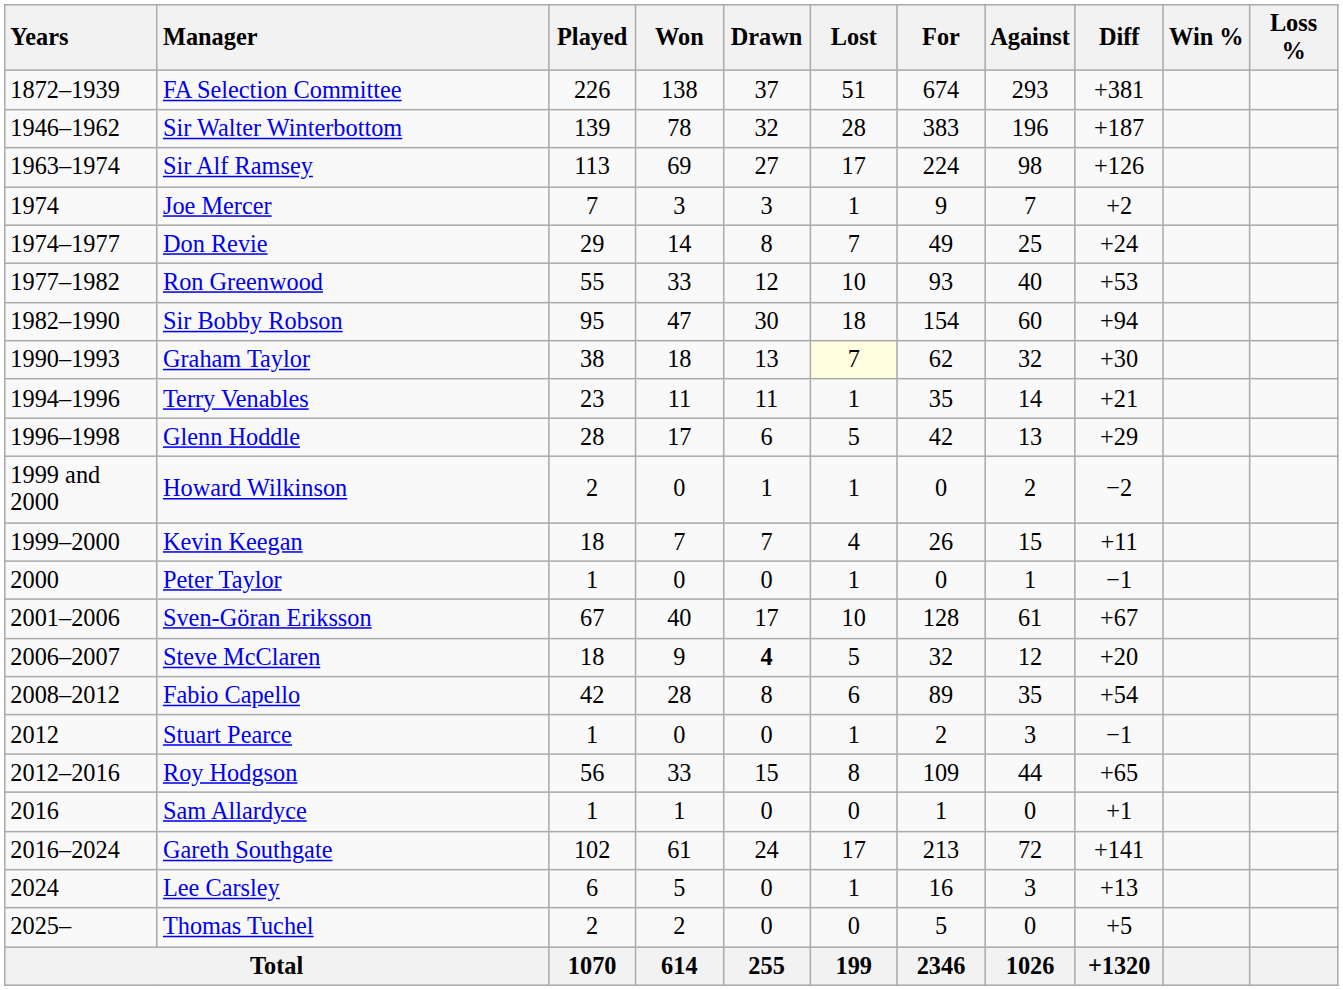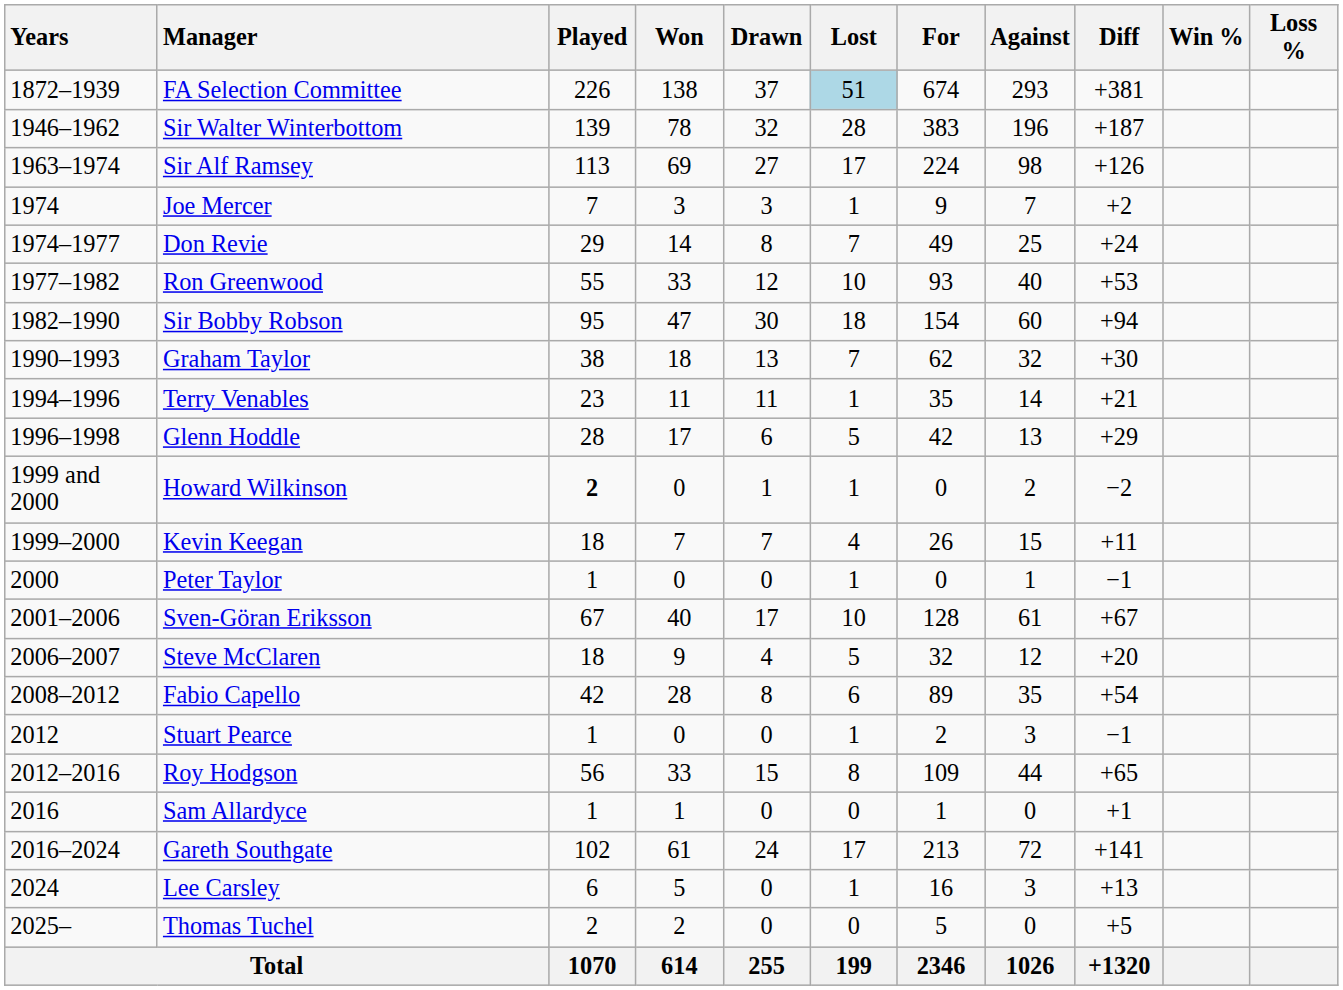 <table class="wikitable sortable" style="text-align:center;">
 <tr>
 <th style="width:93px; text-align:left;">Years</th>
 <th style="width:250px; text-align:left;">Manager</th>
 <th style="width:50px;">Played</th>
 <th style="width:50px;">Won</th>
 <th style="width:50px;">Drawn</th>
 <th style="width:50px;">Lost</th>
 <th style="width:50px;">For</th>
 <th style="width:50px;">Against</th>
 <th style="width:50px;">Diff</th>
 <th style="width:50px;">Win %</th>
 <th style="width:50px;">Loss %</th>
 </tr>
 <tr>
 <td style="text-align:left;">1872–1939</td>
 <td align="left"><a href='#'>FA Selection Committee</a></td>
 <td>226</td>
 <td>138</td>
 <td>37</td>
-<td>51</td>
+<td style="background: lightblue;">51</td>
 <td>674</td>
 <td>293</td>
 <td>+381</td>
 <td></td>
 <td></td>
 </tr>
 <tr>
 <td style="text-align:left;">1946–1962</td>
 <td align="left"><a href='#'>Sir Walter Winterbottom</a></td>
 <td>139</td>
 <td>78</td>
 <td>32</td>
 <td>28</td>
 <td>383</td>
 <td>196</td>
 <td>+187</td>
 <td></td>
 <td></td>
 </tr>
 <tr>
 <td style="text-align:left;">1963–1974</td>
 <td align="left"><a href='#'>Sir Alf Ramsey</a></td>
 <td>113</td>
 <td>69</td>
 <td>27</td>
 <td>17</td>
 <td>224</td>
 <td>98</td>
 <td>+126</td>
 <td></td>
 <td></td>
 </tr>
 <tr>
 <td style="text-align:left;">1974</td>
 <td align="left"><a href='#'>Joe Mercer</a></td>
 <td>7</td>
 <td>3</td>
 <td>3</td>
 <td>1</td>
 <td>9</td>
 <td>7</td>
 <td>+2</td>
 <td></td>
 <td></td>
 </tr>
 <tr>
 <td style="text-align:left;">1974–1977</td>
 <td align="left"><a href='#'>Don Revie</a></td>
 <td>29</td>
 <td>14</td>
 <td>8</td>
 <td>7</td>
 <td>49</td>
 <td>25</td>
 <td>+24</td>
 <td></td>
 <td></td>
 </tr>
 <tr>
 <td style="text-align:left;">1977–1982</td>
 <td align="left"><a href='#'>Ron Greenwood</a></td>
 <td>55</td>
 <td>33</td>
 <td>12</td>
 <td>10</td>
 <td>93</td>
 <td>40</td>
 <td>+53</td>
 <td></td>
 <td></td>
 </tr>
 <tr>
 <td style="text-align:left;">1982–1990</td>
 <td align="left"><a href='#'>Sir Bobby Robson</a></td>
 <td>95</td>
 <td>47</td>
 <td>30</td>
 <td>18</td>
 <td>154</td>
 <td>60</td>
 <td>+94</td>
 <td></td>
 <td></td>
 </tr>
 <tr>
 <td style="text-align:left;">1990–1993</td>
 <td align="left"><a href='#'>Graham Taylor</a></td>
 <td>38</td>
 <td>18</td>
 <td>13</td>
-<td style="background: lightyellow;">7</td>
+<td>7</td>
 <td>62</td>
 <td>32</td>
 <td>+30</td>
 <td></td>
 <td></td>
 </tr>
 <tr>
 <td style="text-align:left;">1994–1996</td>
 <td align="left"><a href='#'>Terry Venables</a></td>
 <td>23</td>
 <td>11</td>
 <td>11</td>
 <td>1</td>
 <td>35</td>
 <td>14</td>
 <td>+21</td>
 <td></td>
 <td></td>
 </tr>
 <tr>
 <td style="text-align:left;">1996–1998</td>
 <td align="left"><a href='#'>Glenn Hoddle</a></td>
 <td>28</td>
 <td>17</td>
 <td>6</td>
 <td>5</td>
 <td>42</td>
 <td>13</td>
 <td>+29</td>
 <td></td>
 <td></td>
 </tr>
 <tr>
 <td style="text-align:left;">1999 and 2000</td>
 <td align="left"><a href='#'>Howard Wilkinson</a></td>
-<td>2</td>
+<td><strong>2</strong></td>
 <td>0</td>
 <td>1</td>
 <td>1</td>
 <td>0</td>
 <td>2</td>
 <td>−2</td>
 <td></td>
 <td></td>
 </tr>
 <tr>
 <td style="text-align:left;">1999–2000</td>
 <td align="left"><a href='#'>Kevin Keegan</a></td>
 <td>18</td>
 <td>7</td>
 <td>7</td>
 <td>4</td>
 <td>26</td>
 <td>15</td>
 <td>+11</td>
 <td></td>
 <td></td>
 </tr>
 <tr>
 <td style="text-align:left;">2000</td>
 <td align="left"><a href='#'>Peter Taylor</a></td>
 <td>1</td>
 <td>0</td>
 <td>0</td>
 <td>1</td>
 <td>0</td>
 <td>1</td>
 <td>−1</td>
 <td></td>
 <td></td>
 </tr>
 <tr>
 <td style="text-align:left;">2001–2006</td>
 <td align="left"><a href='#'>Sven-Göran Eriksson</a></td>
 <td>67</td>
 <td>40</td>
 <td>17</td>
 <td>10</td>
 <td>128</td>
 <td>61</td>
 <td>+67</td>
 <td></td>
 <td></td>
 </tr>
 <tr>
 <td style="text-align:left;">2006–2007</td>
 <td align="left"><a href='#'>Steve McClaren</a></td>
 <td>18</td>
 <td>9</td>
-<td><strong>4</strong></td>
+<td>4</td>
 <td>5</td>
 <td>32</td>
 <td>12</td>
 <td>+20</td>
 <td></td>
 <td></td>
 </tr>
 <tr>
 <td style="text-align:left;">2008–2012</td>
 <td align="left"><a href='#'>Fabio Capello</a></td>
 <td>42</td>
 <td>28</td>
 <td>8</td>
 <td>6</td>
 <td>89</td>
 <td>35</td>
 <td>+54</td>
 <td></td>
 <td></td>
 </tr>
 <tr>
 <td style="text-align:left;">2012</td>
 <td align="left"><a href='#'>Stuart Pearce</a></td>
 <td>1</td>
 <td>0</td>
 <td>0</td>
 <td>1</td>
 <td>2</td>
 <td>3</td>
 <td>−1</td>
 <td></td>
 <td></td>
 </tr>
 <tr>
 <td style="text-align:left;">2012–2016</td>
 <td align="left"><a href='#'>Roy Hodgson</a></td>
 <td>56</td>
 <td>33</td>
 <td>15</td>
 <td>8</td>
 <td>109</td>
 <td>44</td>
 <td>+65</td>
 <td></td>
 <td></td>
 </tr>
 <tr>
 <td style="text-align:left;">2016</td>
 <td align="left"><a href='#'>Sam Allardyce</a></td>
 <td>1</td>
 <td>1</td>
 <td>0</td>
 <td>0</td>
 <td>1</td>
 <td>0</td>
 <td>+1</td>
 <td></td>
 <td></td>
 </tr>
 <tr>
 <td style="text-align:left;">2016–2024</td>
 <td align="left"><a href='#'>Gareth Southgate</a></td>
 <td>102</td>
 <td>61</td>
 <td>24</td>
 <td>17</td>
 <td>213</td>
 <td>72</td>
 <td>+141</td>
 <td></td>
 <td></td>
 </tr>
 <tr>
 <td style="text-align:left;">2024</td>
 <td align="left"><a href='#'>Lee Carsley</a></td>
 <td>6</td>
 <td>5</td>
 <td>0</td>
 <td>1</td>
 <td>16</td>
 <td>3</td>
 <td>+13</td>
 <td></td>
 <td></td>
 </tr>
 <tr>
 <td style="text-align:left;">2025–</td>
 <td align="left"><a href='#'>Thomas Tuchel</a></td>
 <td>2</td>
 <td>2</td>
 <td>0</td>
 <td>0</td>
 <td>5</td>
 <td>0</td>
 <td>+5</td>
 <td></td>
 <td></td>
 </tr>
 <tr>
 <th align="left" colspan="2"><strong>Total</strong></th>
 <th>1070</th>
 <th>614</th>
 <th>255</th>
 <th>199</th>
 <th>2346</th>
 <th>1026</th>
 <th>+1320</th>
 <th></th>
 <th></th>
 </tr>
 </table>
